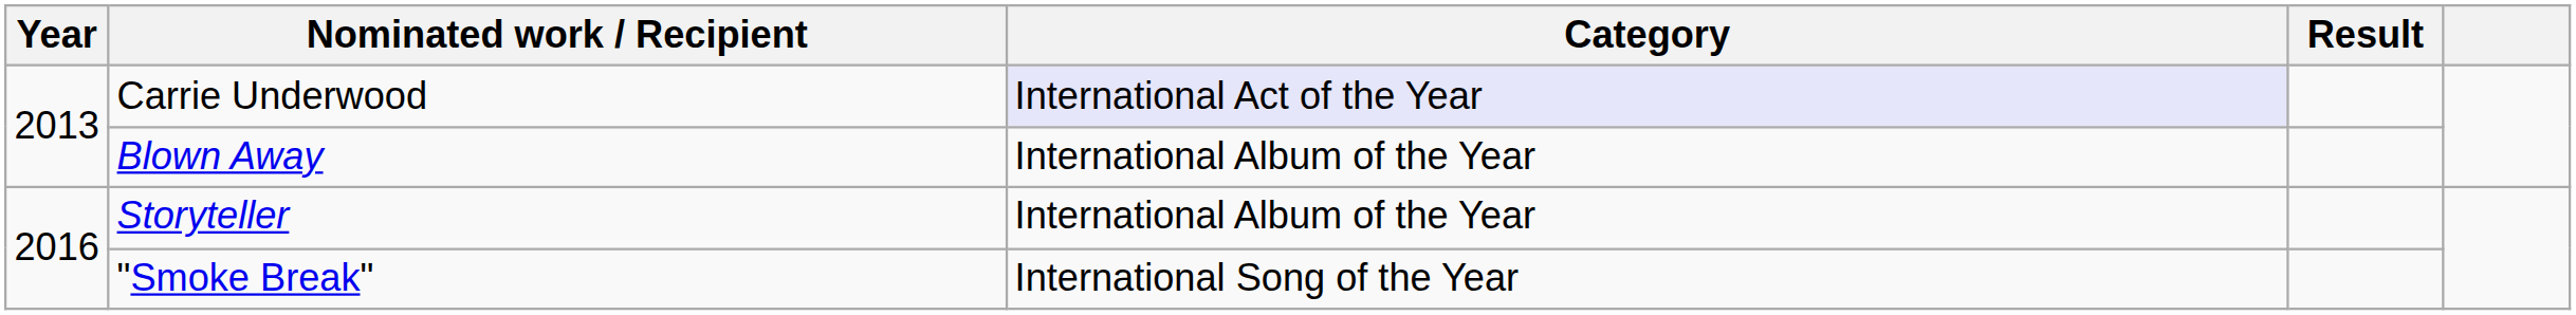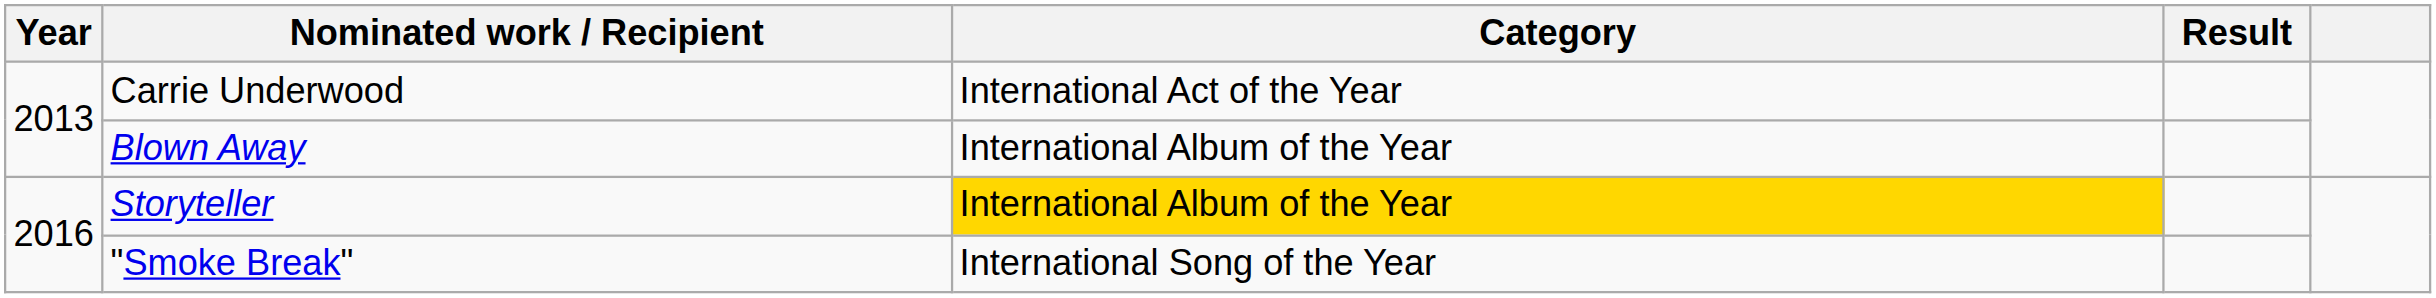 <table class="wikitable plainrowheaders" style="width:85%;">
 <tr>
 <th scope="col" style="width:4%;">Year</th>
 <th scope="col" style="width:35%;">Nominated work / Recipient</th>
 <th scope="col" style="width:50%;">Category</th>
 <th scope="col" style="width:6%;">Result</th>
 <th scope="col" style="width:6%;"></th>
 </tr>
 <tr>
 <td rowspan="2">2013</td>
 <td>Carrie Underwood</td>
-<td style="background: lavender;">International Act of the Year</td>
+<td>International Act of the Year</td>
 <td></td>
 <td rowspan="2"></td>
 </tr>
 <tr>
 <td><em><a href='#'>Blown Away</a></em></td>
 <td>International Album of the Year</td>
 <td></td>
 </tr>
 <tr>
 <td rowspan="2">2016</td>
 <td><em><a href='#'>Storyteller</a></em></td>
-<td>International Album of the Year</td>
+<td style="background: gold;">International Album of the Year</td>
 <td></td>
 <td rowspan="2"></td>
 </tr>
 <tr>
 <td>"<a href='#'>Smoke Break</a>"</td>
 <td>International Song of the Year</td>
 <td></td>
 </tr>
 </table>
